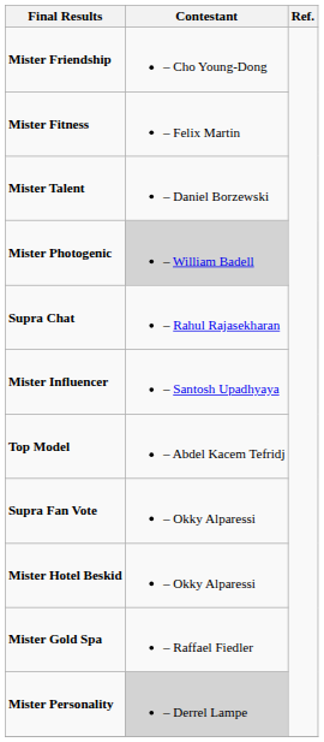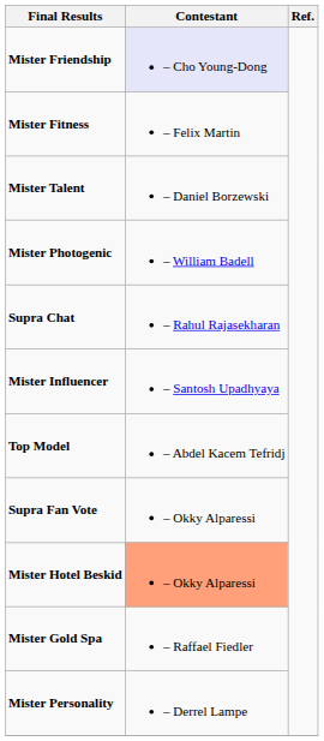 <table class="wikitable" style="font-size: 95%;">
 <tr>
 <th>Final Results</th>
 <th>Contestant</th>
 <th>Ref.</th>
 </tr>
 <tr>
 <td><strong>Mister Friendship</strong></td>
-<td><br><ul><li><strong></strong> – Cho Young-Dong</li></ul></td>
+<td style="background: lavender;"><br><ul><li><strong></strong> – Cho Young-Dong</li></ul></td>
 <td rowspan="11"></td>
 </tr>
 <tr>
 <td><strong>Mister Fitness</strong></td>
 <td><br><ul><li><strong></strong> – Felix Martin</li></ul></td>
 </tr>
 <tr>
 <td><strong>Mister Talent</strong></td>
 <td><br><ul><li><strong></strong> – Daniel Borzewski</li></ul></td>
 </tr>
 <tr>
 <td><strong>Mister Photogenic</strong></td>
-<td style="background: lightgrey;"><br><ul><li><strong></strong> – <a href='#'>William Badell</a></li></ul></td>
+<td><br><ul><li><strong></strong> – <a href='#'>William Badell</a></li></ul></td>
 </tr>
 <tr>
 <td><strong>Supra Chat</strong></td>
 <td><br><ul><li><strong></strong> – <a href='#'>Rahul Rajasekharan</a></li></ul></td>
 </tr>
 <tr>
 <td><strong>Mister Influencer</strong></td>
 <td><br><ul><li><strong></strong> – <a href='#'>Santosh Upadhyaya</a></li></ul></td>
 </tr>
 <tr>
 <td><strong>Top Model</strong></td>
 <td><br><ul><li><strong></strong> – Abdel Kacem Tefridj</li></ul></td>
 </tr>
 <tr>
 <td><strong>Supra Fan Vote</strong></td>
 <td><br><ul><li><strong></strong> –  Okky Alparessi</li></ul></td>
 </tr>
 <tr>
 <td><strong>Mister Hotel Beskid</strong></td>
-<td><br><ul><li><strong></strong> –  Okky Alparessi</li></ul></td>
+<td style="background: lightsalmon;"><br><ul><li><strong></strong> –  Okky Alparessi</li></ul></td>
 </tr>
 <tr>
 <td><strong>Mister Gold Spa</strong></td>
 <td><br><ul><li><strong></strong> –  Raffael Fiedler</li></ul></td>
 </tr>
 <tr>
 <td><strong>Mister Personality</strong></td>
-<td style="background: lightgrey;"><br><ul><li><strong></strong> – Derrel Lampe</li></ul></td>
+<td><br><ul><li><strong></strong> – Derrel Lampe</li></ul></td>
 </tr>
 <tr>
 </tr>
 </table>
